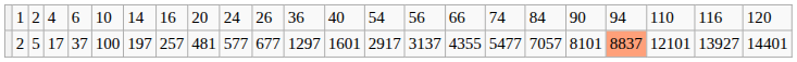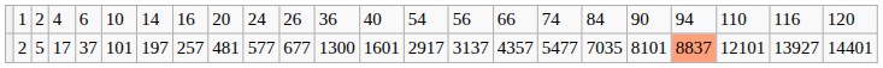 <table class="wikitable">
 <tr>
 <th></th>
 <td>1</td>
 <td>2</td>
 <td>4</td>
 <td>6</td>
 <td>10</td>
 <td>14</td>
 <td>16</td>
 <td>20</td>
 <td>24</td>
 <td>26</td>
 <td>36</td>
 <td>40</td>
 <td>54</td>
 <td>56</td>
 <td>66</td>
 <td>74</td>
 <td>84</td>
 <td>90</td>
 <td>94</td>
 <td>110</td>
 <td>116</td>
 <td>120</td>
 </tr>
 <tr>
 <th></th>
 <td>2</td>
 <td>5</td>
 <td>17</td>
 <td>37</td>
-<td>100</td>
+<td>101</td>
 <td>197</td>
 <td>257</td>
 <td>481</td>
 <td>577</td>
 <td>677</td>
-<td>1297</td>
+<td>1300</td>
 <td>1601</td>
 <td>2917</td>
 <td>3137</td>
-<td>4355</td>
+<td>4357</td>
 <td>5477</td>
-<td>7057</td>
+<td>7035</td>
 <td>8101</td>
 <td style="background: lightsalmon;">8837</td>
 <td>12101</td>
 <td>13927</td>
 <td>14401</td>
 </tr>
 </table>
